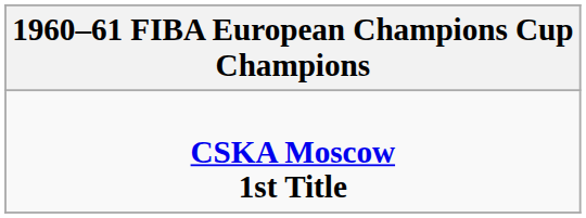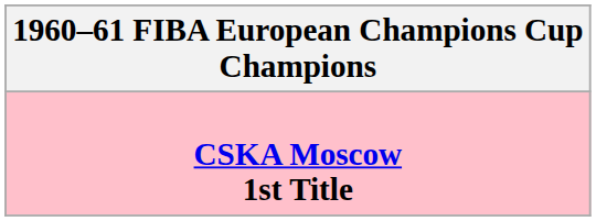 <table class=wikitable style="text-align:center; margin:auto">
 <tr>
 <th>1960–61 FIBA European Champions Cup<br>Champions</th>
 </tr>
 <tr>
-<td> <br> <strong><a href='#'>CSKA Moscow</a></strong> <br> <strong>1st Title</strong></td>
+<td style="background: pink;"> <br> <strong><a href='#'>CSKA Moscow</a></strong> <br> <strong>1st Title</strong></td>
 </tr>
 </table>
